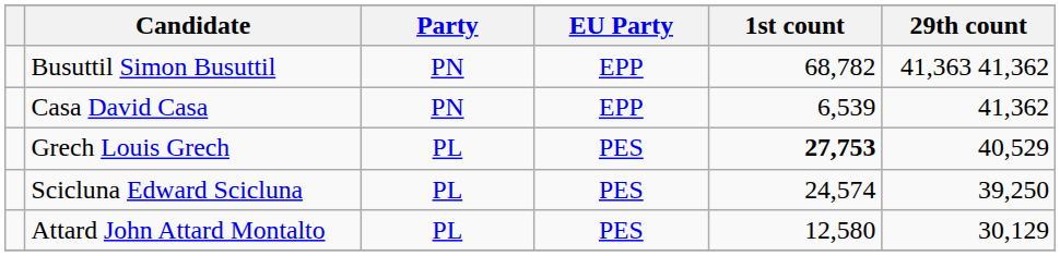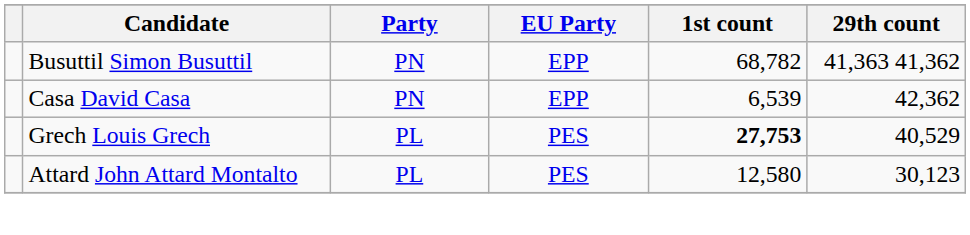 <table class="wikitable sortable">
 <tr>
 </tr>
 <tr>
 <th class = "unsortable"> </th>
 <th width = "200pt">Candidate</th>
 <th width = "100pt"><a href='#'>Party</a></th>
 <th width = "100pt"><a href='#'>EU Party</a></th>
 <th width = "100pt">1st count</th>
 <th width = "100pt">29th count</th>
 </tr>
 <tr>
 <td width=5px style="background-color: "></td>
 <td><span>Busuttil</span> <a href='#'>Simon Busuttil</a></td>
 <td align = "center"><a href='#'>PN</a></td>
 <td align = "center"><a href='#'>EPP</a></td>
 <td align = "right">68,782</td>
 <td align = "right"><span>41,363</span> 41,362  </td>
 </tr>
 <tr>
 <td style="background-color: "></td>
 <td><span>Casa</span> <a href='#'>David Casa</a></td>
 <td align = "center"><a href='#'>PN</a></td>
 <td align = "center"><a href='#'>EPP</a></td>
 <td align = "right">6,539</td>
-<td align = "right">41,362</td>
+<td align = "right">42,362</td>
 </tr>
 <tr>
 <td style="background-color: "></td>
 <td><span>Grech</span> <a href='#'>Louis Grech</a></td>
 <td align = "center"><a href='#'>PL</a></td>
 <td align = "center"><a href='#'>PES</a></td>
 <td align = "right"><strong>27,753</strong></td>
 <td align = "right">40,529</td>
 </tr>
 <tr>
 <td style="background-color: "></td>
-<td><span>Scicluna</span> <a href='#'>Edward Scicluna</a></td>
-<td align = "center"><a href='#'>PL</a></td>
-<td align = "center"><a href='#'>PES</a></td>
-<td align = "right">24,574</td>
-<td align = "right">39,250</td>
-</tr>
-<tr>
-<td style="background-color: "></td>
 <td><span>Attard</span> <a href='#'>John Attard Montalto</a></td>
 <td align = "center"><a href='#'>PL</a></td>
 <td align = "center"><a href='#'>PES</a></td>
 <td align = "right">12,580</td>
-<td align = "right">30,129</td>
+<td align = "right">30,123</td>
 </tr>
 <tr>
 </tr>
 </table>
